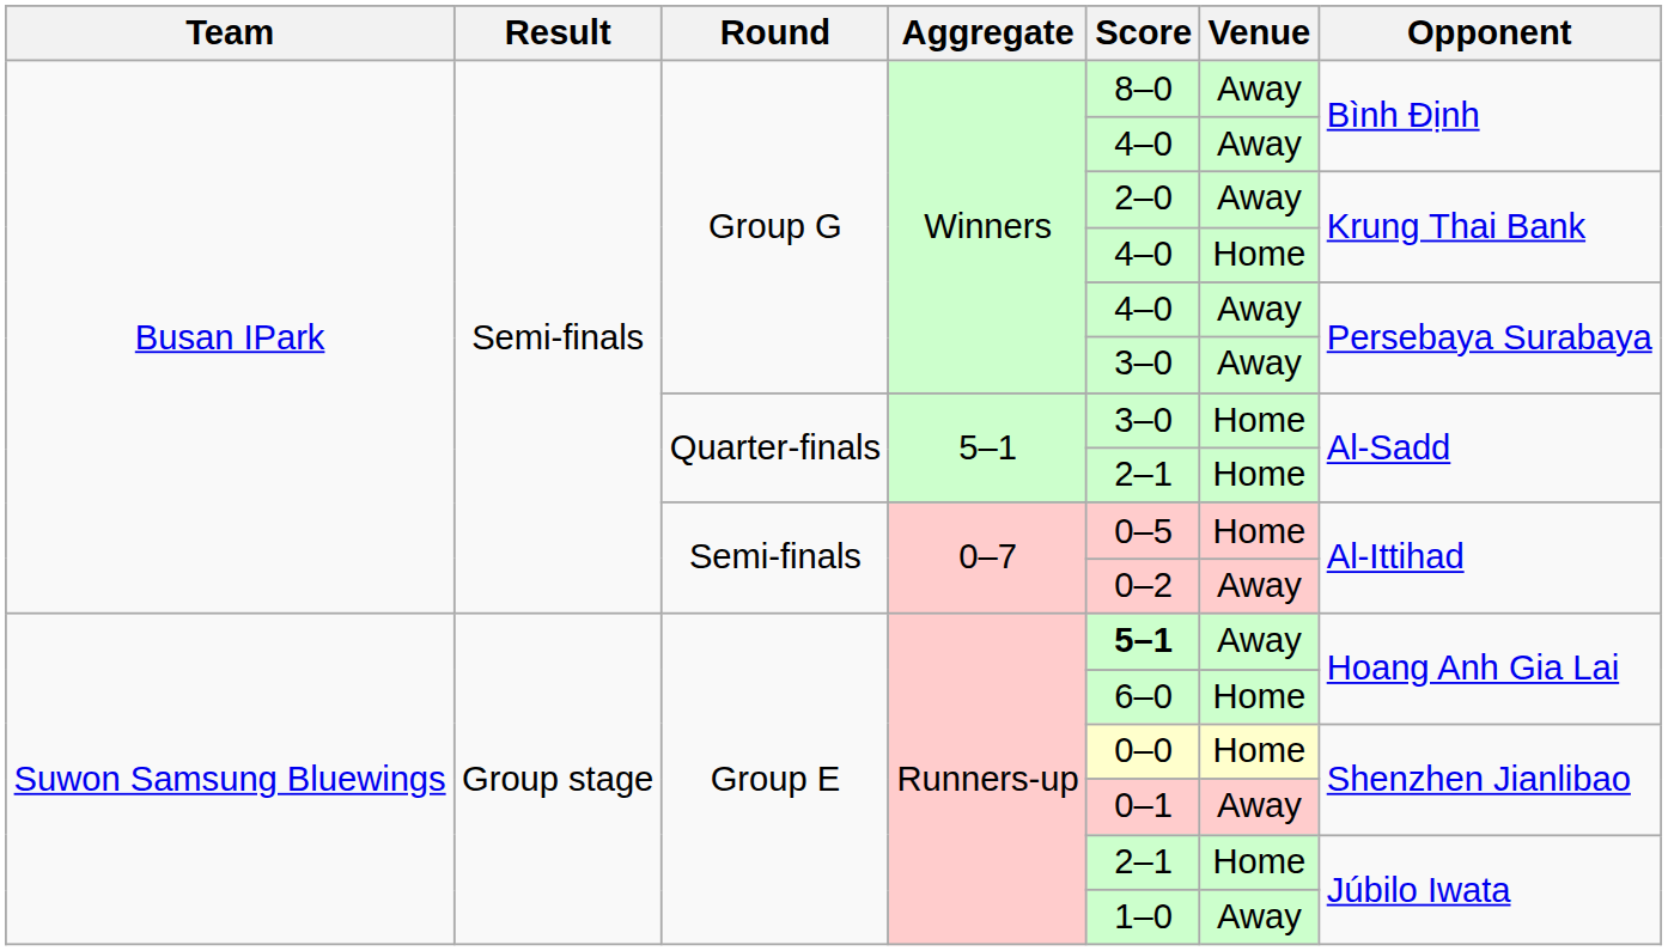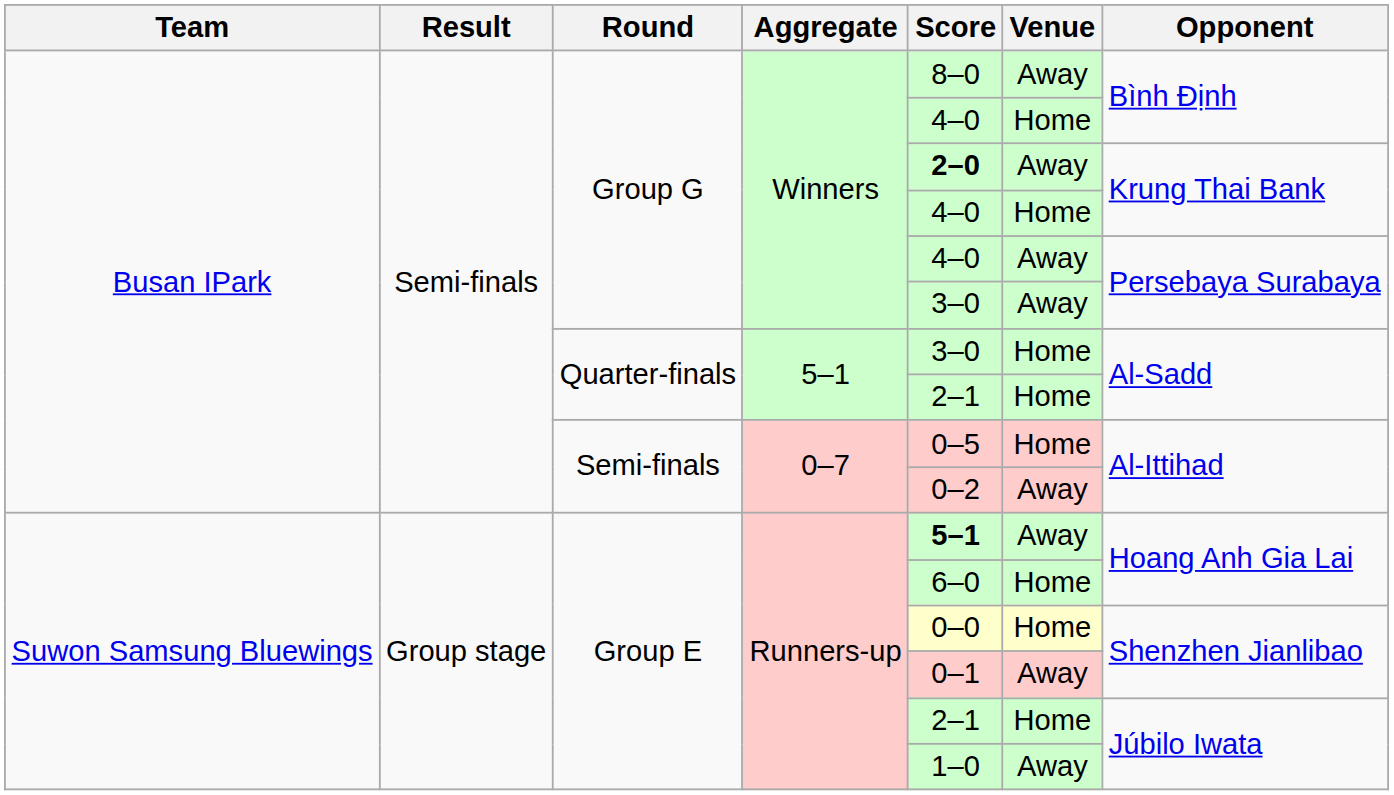 <table class="wikitable" style="text-align:center;">
 <tr>
 <th>Team</th>
 <th>Result</th>
 <th>Round</th>
 <th>Aggregate</th>
 <th>Score</th>
 <th>Venue</th>
 <th>Opponent</th>
 </tr>
 <tr>
 <td rowspan="10"><a href='#'>Busan IPark</a></td>
 <td rowspan="10">Semi-finals</td>
 <td rowspan="6">Group G</td>
 <td rowspan="6" bgcolor="#cfc">Winners</td>
 <td bgcolor="#cfc">8–0</td>
 <td bgcolor="#cfc">Away</td>
 <td rowspan="2" align="left"> <a href='#'>Bình Định</a></td>
 </tr>
 <tr>
 <td bgcolor="#cfc">4–0</td>
-<td bgcolor="#cfc">Away</td>
+<td bgcolor="#cfc">Home</td>
 </tr>
 <tr>
-<td bgcolor="#cfc">2–0</td>
+<td bgcolor="#cfc"><strong>2–0</strong></td>
 <td bgcolor="#cfc">Away</td>
 <td rowspan="2" align="left"> <a href='#'>Krung Thai Bank</a></td>
 </tr>
 <tr>
 <td bgcolor="#cfc">4–0</td>
 <td bgcolor="#cfc">Home</td>
 </tr>
 <tr>
 <td bgcolor="#cfc">4–0</td>
 <td bgcolor="#cfc">Away</td>
 <td rowspan="2" align="left"> <a href='#'>Persebaya Surabaya</a></td>
 </tr>
 <tr>
 <td bgcolor="#cfc">3–0</td>
 <td bgcolor="#cfc">Away</td>
 </tr>
 <tr>
 <td rowspan="2">Quarter-finals</td>
 <td rowspan="2" bgcolor="#cfc">5–1</td>
 <td bgcolor="#cfc">3–0</td>
 <td bgcolor="#cfc">Home</td>
 <td rowspan="2" align="left"> <a href='#'>Al-Sadd</a></td>
 </tr>
 <tr>
 <td bgcolor="#cfc">2–1</td>
 <td bgcolor="#cfc">Home</td>
 </tr>
 <tr>
 <td rowspan="2">Semi-finals</td>
 <td rowspan="2" bgcolor="#fcc">0–7</td>
 <td bgcolor="#fcc">0–5</td>
 <td bgcolor="#fcc">Home</td>
 <td rowspan="2" align="left"> <a href='#'>Al-Ittihad</a></td>
 </tr>
 <tr>
 <td bgcolor="#fcc">0–2</td>
 <td bgcolor="#fcc">Away</td>
 </tr>
 <tr>
 <td rowspan="6"><a href='#'>Suwon Samsung Bluewings</a></td>
 <td rowspan="6">Group stage</td>
 <td rowspan="6">Group E</td>
 <td rowspan="6" bgcolor="#fcc">Runners-up</td>
 <td bgcolor="#cfc"><strong>5–1</strong></td>
 <td bgcolor="#cfc">Away</td>
 <td rowspan="2" align="left"> <a href='#'>Hoang Anh Gia Lai</a></td>
 </tr>
 <tr>
 <td bgcolor="#cfc">6–0</td>
 <td bgcolor="#cfc">Home</td>
 </tr>
 <tr>
 <td bgcolor="#ffc">0–0</td>
 <td bgcolor="#ffc">Home</td>
 <td rowspan="2" align="left"> <a href='#'>Shenzhen Jianlibao</a></td>
 </tr>
 <tr>
 <td bgcolor="#fcc">0–1</td>
 <td bgcolor="#fcc">Away</td>
 </tr>
 <tr>
 <td bgcolor="#cfc">2–1</td>
 <td bgcolor="#cfc">Home</td>
 <td rowspan="2" align="left"> <a href='#'>Júbilo Iwata</a></td>
 </tr>
 <tr>
 <td bgcolor="#cfc">1–0</td>
 <td bgcolor="#cfc">Away</td>
 </tr>
 </table>
